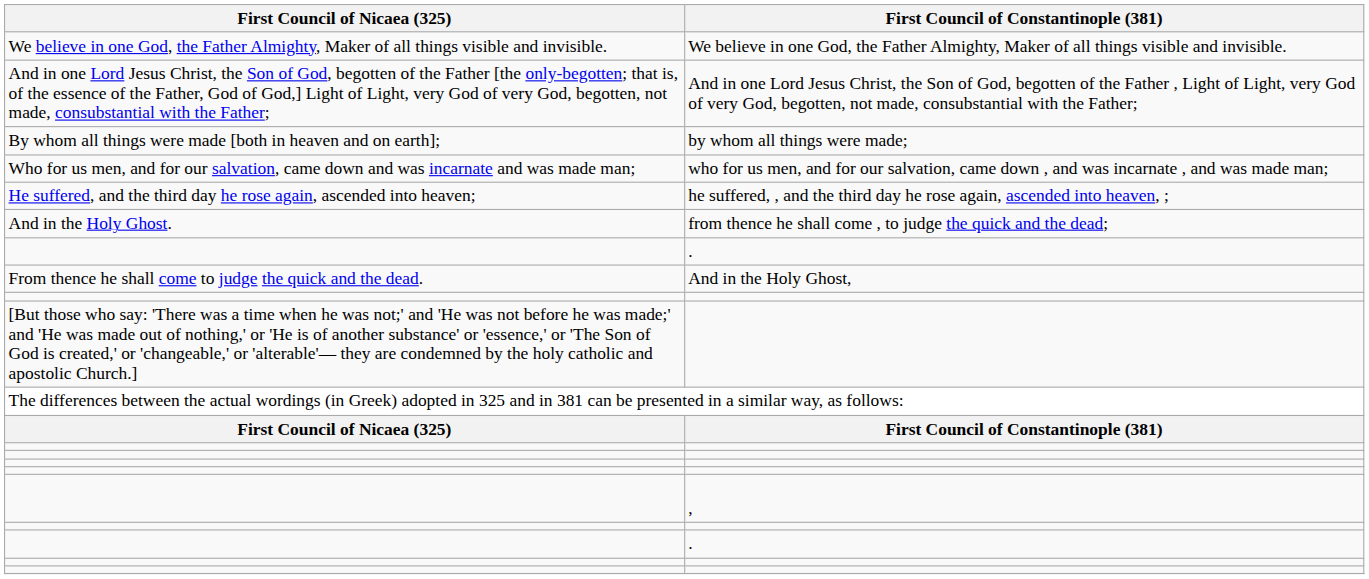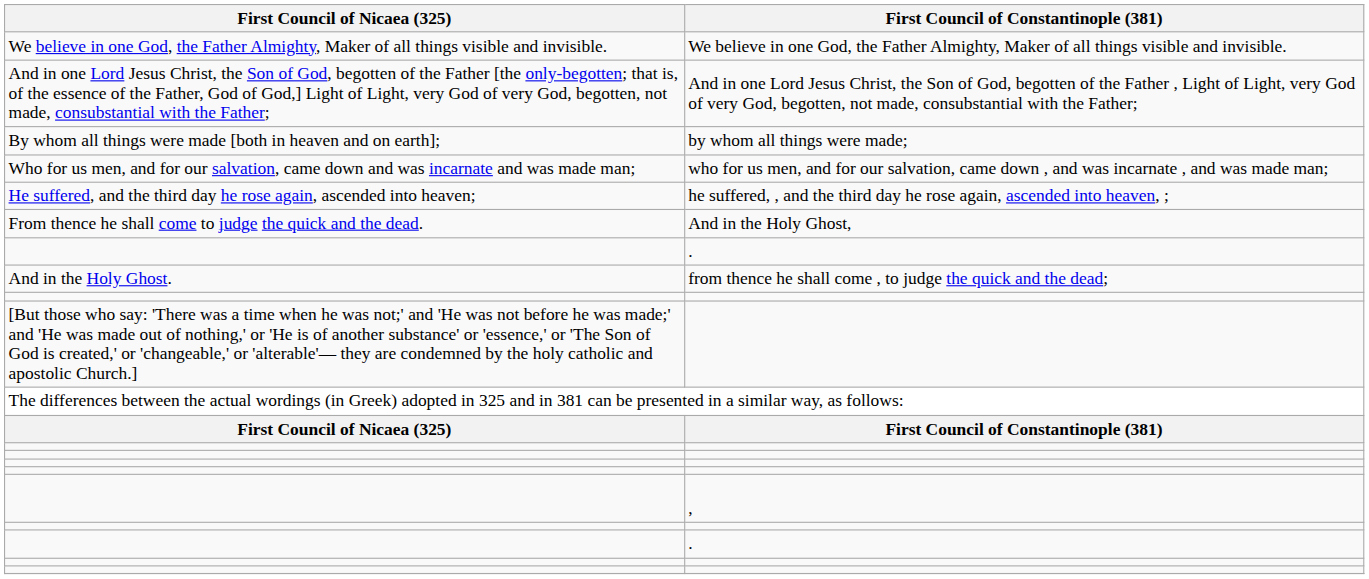 <table class="wikitable">
 <tr Valign=top>
 <th width=50%>First Council of Nicaea (325)</th>
 <th width=50%>First Council of Constantinople (381)</th>
 </tr>
 <tr>
 <td>We <a href='#'>believe in one God</a>, <a href='#'>the Father Almighty</a>, Maker of all things visible and invisible.</td>
 <td>We believe in one God, the Father Almighty, Maker  of all things visible and invisible.</td>
 </tr>
 <tr>
 <td>And in one <a href='#'>Lord</a> Jesus Christ, the <a href='#'>Son of God</a>, begotten of the Father [the <a href='#'>only-begotten</a>; that is, of the essence of the Father, God of God,] Light of Light, very God of very God, begotten, not made, <a href='#'>consubstantial with the Father</a>;</td>
 <td>And in one Lord Jesus Christ, the  Son of God, begotten of the Father , Light of Light, very God of very God, begotten, not made, consubstantial with the Father;</td>
 </tr>
 <tr>
 <td>By whom all things were made [both in heaven and on earth];</td>
 <td>by whom all things were made;</td>
 </tr>
 <tr>
 <td>Who for us men, and for our <a href='#'>salvation</a>, came down and was <a href='#'>incarnate</a> and was made man;</td>
 <td>who for us men, and for our salvation, came down , and was incarnate , and was made man;</td>
 </tr>
 <tr>
 <td><a href='#'>He suffered</a>, and the third day <a href='#'>he rose again</a>, ascended into heaven;</td>
 <td>he  suffered, , and the third day he rose again,  <a href='#'>ascended into heaven</a>, ;</td>
 </tr>
 <tr>
-<td>And in the <a href='#'>Holy Ghost</a>.</td>
-<td>from thence he shall come , to judge <a href='#'>the quick and the dead</a>;</td>
+<td>From thence he shall <a href='#'>come</a> to <a href='#'>judge</a> <a href='#'>the quick and the dead</a>.</td>
+<td>And in the Holy Ghost, </td>
 </tr>
 <tr>
 <td></td>
 <td>.</td>
 </tr>
 <tr>
-<td>From thence he shall <a href='#'>come</a> to <a href='#'>judge</a> <a href='#'>the quick and the dead</a>.</td>
-<td>And in the Holy Ghost, </td>
+<td>And in the <a href='#'>Holy Ghost</a>.</td>
+<td>from thence he shall come , to judge <a href='#'>the quick and the dead</a>;</td>
 </tr>
 <tr>
 <td></td>
 <td></td>
 </tr>
 <tr>
 <td>[But those who say: 'There was a time when he was not;' and 'He was not before he was made;' and 'He was made out of nothing,' or 'He is of another substance' or 'essence,' or 'The Son of God is created,' or 'changeable,' or 'alterable'— they are condemned by the holy catholic and apostolic Church.]</td>
 <td></td>
 </tr>
 <tr>
 <td bgcolor=white colspan=2>The differences between the actual wordings (in Greek) adopted in 325 and in 381 can be presented in a similar way, as follows:</td>
 </tr>
 <tr>
 <th>First Council of Nicaea (325)</th>
 <th>First Council of Constantinople (381)</th>
 </tr>
 <tr>
 <td></td>
 <td></td>
 </tr>
 <tr>
 <td></td>
 <td></td>
 </tr>
 <tr>
 <td></td>
 <td></td>
 </tr>
 <tr>
 <td></td>
 <td></td>
 </tr>
 <tr>
 <td></td>
 <td><br>,</td>
 </tr>
 <tr>
 <td></td>
 <td></td>
 </tr>
 <tr>
 <td></td>
 <td>.</td>
 </tr>
 <tr>
 <td></td>
 <td></td>
 </tr>
 <tr>
 <td></td>
 <td></td>
 </tr>
 <tr>
 </tr>
 </table>
